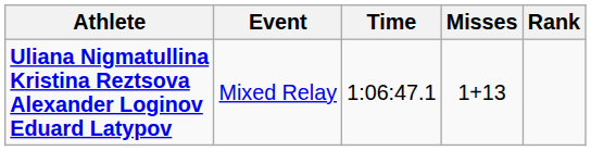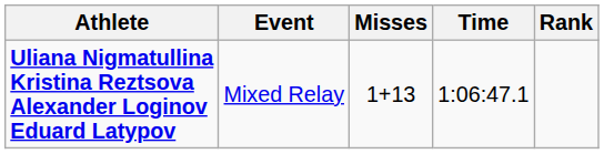 <table class="wikitable" style="font-size:90%;text-align:center;">
 <tr>
 <th>Athlete</th>
 <th>Event</th>
+<th>Misses</th>
 <th>Time</th>
-<th>Misses</th>
 <th>Rank</th>
 </tr>
 <tr>
 <td align=left><strong><a href='#'>Uliana Nigmatullina</a><br><a href='#'>Kristina Reztsova</a><br><a href='#'>Alexander Loginov</a><br><a href='#'>Eduard Latypov</a></strong></td>
 <td align=left><a href='#'>Mixed Relay</a></td>
+<td>1+13</td>
 <td>1:06:47.1</td>
-<td>1+13</td>
 <td></td>
 </tr>
 </table>
